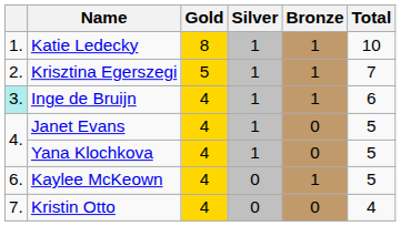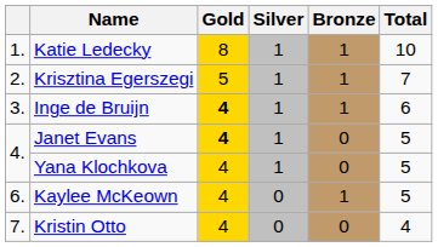 <table class="sortable wikitable">
 <tr>
 <th></th>
 <th>Name</th>
 <th>Gold</th>
 <th>Silver</th>
 <th>Bronze</th>
 <th>Total</th>
 </tr>
 <tr>
 <td>1.</td>
 <td> <a href='#'>Katie Ledecky</a></td>
 <td bgcolor="gold" align="center">8</td>
 <td bgcolor="silver" align="center">1</td>
 <td bgcolor="#C19A6B" align="center">1</td>
 <td align="center">10</td>
 </tr>
 <tr>
 <td>2.</td>
 <td> <a href='#'>Krisztina Egerszegi</a></td>
 <td bgcolor="gold" align="center">5</td>
 <td bgcolor="silver" align="center">1</td>
 <td bgcolor="#C19A6B" align="center">1</td>
 <td align="center">7</td>
 </tr>
 <tr>
-<td style="background: paleturquoise;">3.</td>
+<td>3.</td>
 <td> <a href='#'>Inge de Bruijn</a></td>
-<td bgcolor="gold" align="center">4</td>
+<td bgcolor="gold" align="center"><strong>4</strong></td>
 <td bgcolor="silver" align="center">1</td>
 <td bgcolor="#C19A6B" align="center">1</td>
 <td align="center">6</td>
 </tr>
 <tr>
 <td rowspan=2>4.</td>
 <td> <a href='#'>Janet Evans</a></td>
-<td bgcolor="gold" align="center">4</td>
+<td bgcolor="gold" align="center"><strong>4</strong></td>
 <td bgcolor="silver" align="center">1</td>
 <td bgcolor="#C19A6B" align="center">0</td>
 <td align="center">5</td>
 </tr>
 <tr>
 <td> <a href='#'>Yana Klochkova</a></td>
 <td bgcolor="gold" align="center">4</td>
 <td bgcolor="silver" align="center">1</td>
 <td bgcolor="#C19A6B" align="center">0</td>
 <td align="center">5</td>
 </tr>
 <tr>
 <td>6.</td>
 <td> <a href='#'>Kaylee McKeown</a></td>
 <td bgcolor="gold" align="center">4</td>
 <td bgcolor="silver" align="center">0</td>
 <td bgcolor="#C19A6B" align="center">1</td>
 <td align="center">5</td>
 </tr>
 <tr>
 <td>7.</td>
 <td> <a href='#'>Kristin Otto</a></td>
 <td bgcolor="gold" align="center">4</td>
 <td bgcolor="silver" align="center">0</td>
 <td bgcolor="#C19A6B" align="center">0</td>
 <td align="center">4</td>
 </tr>
 </table>
